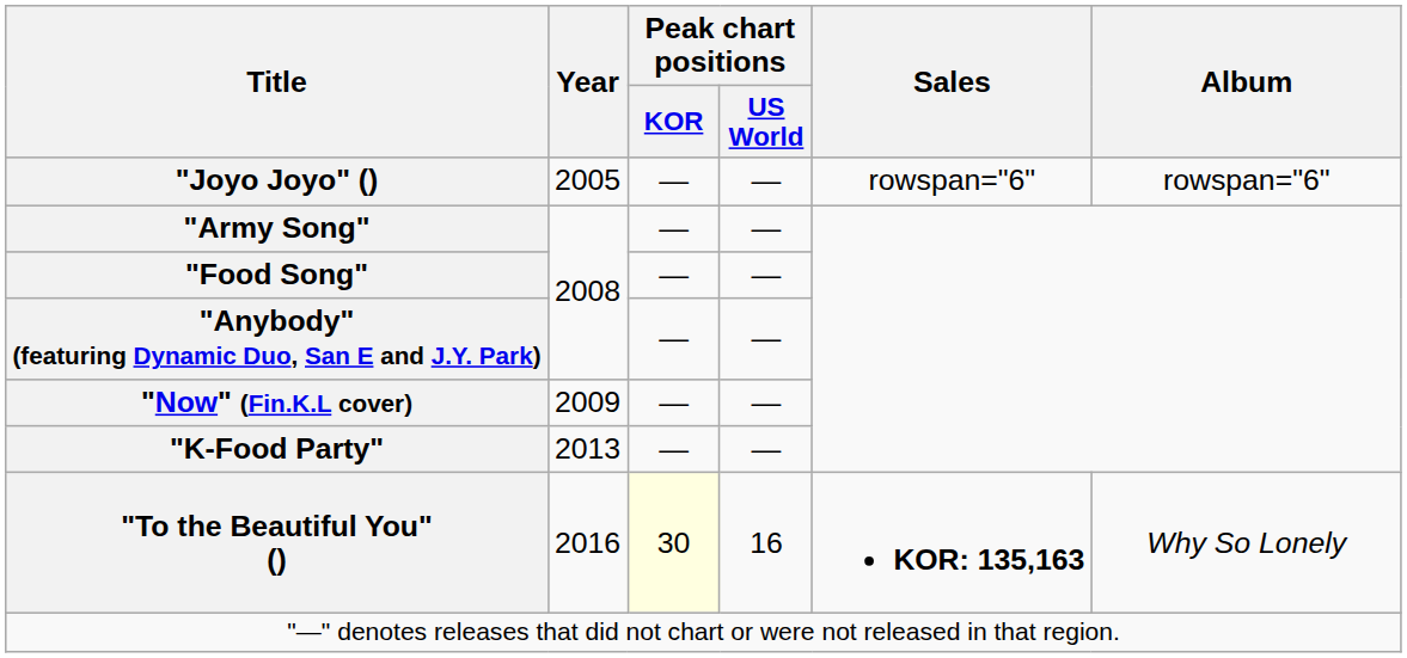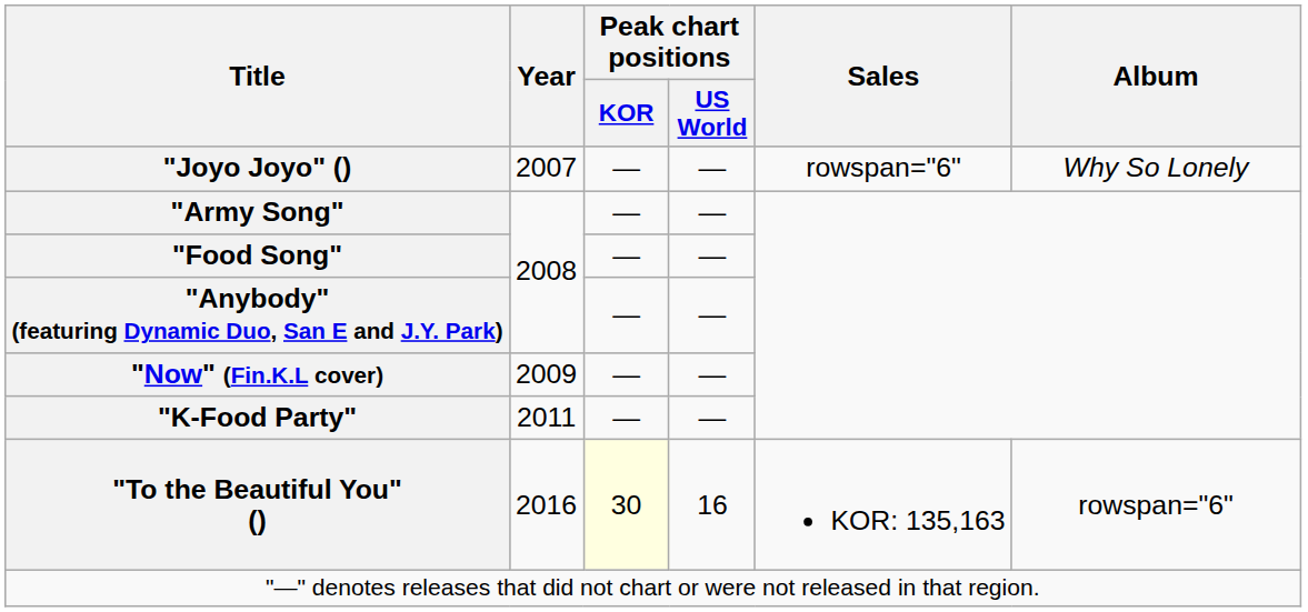 <table class="wikitable plainrowheaders" style="text-align:center;">
 <tr>
 <th scope="col" rowspan="2">Title</th>
 <th scope="col" rowspan="2">Year</th>
 <th scope="col" colspan="2">Peak chart positions</th>
 <th rowspan="2">Sales</th>
 <th scope="col" rowspan="2" style="width:10em;">Album</th>
 </tr>
 <tr>
 <th scope="col" style="width:3em;font-size:90%"><a href='#'>KOR</a><br></th>
 <th scope="col" style="width:3em;font-size:90%"><a href='#'>US<br>World</a><br></th>
 </tr>
 <tr>
 <th scope="row">"Joyo Joyo" ()</th>
-<td>2005</td>
+<td>2007</td>
 <td>—</td>
 <td>—</td>
 <td>rowspan="6" </td>
-<td>rowspan="6" </td>
+<td><em>Why So Lonely</em></td>
 </tr>
 <tr>
 <th scope="row">"Army Song"</th>
 <td rowspan="3">2008</td>
 <td>—</td>
 <td>—</td>
 </tr>
 <tr>
 <th scope="row">"Food Song"</th>
 <td>—</td>
 <td>—</td>
 </tr>
 <tr>
 <th scope="row">"Anybody"<br><small>(featuring <a href='#'>Dynamic Duo</a>, <a href='#'>San E</a> and <a href='#'>J.Y. Park</a>)</small></th>
 <td>—</td>
 <td>—</td>
 </tr>
 <tr>
 <th scope="row">"<a href='#'>Now</a>" <small>(<a href='#'>Fin.K.L</a> cover)</small></th>
 <td>2009</td>
 <td>—</td>
 <td>—</td>
 </tr>
 <tr>
 <th scope="row">"K-Food Party"</th>
-<td>2013</td>
+<td>2011</td>
 <td>—</td>
 <td>—</td>
 </tr>
 <tr>
 <th scope="row">"To the Beautiful You"<br>()</th>
 <td>2016</td>
 <td style="background: lightyellow;">30</td>
 <td>16</td>
-<td><strong><br><ul><li>KOR: 135,163</li></ul></strong></td>
-<td><em>Why So Lonely</em></td>
+<td><br><ul><li>KOR: 135,163</li></ul></td>
+<td>rowspan="6" </td>
 </tr>
 <tr>
 <td colspan="6" style="font-size: 85%">"—" denotes releases that did not chart or were not released in that region.</td>
 </tr>
 </table>
